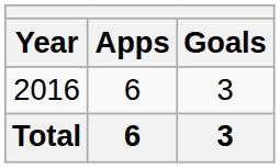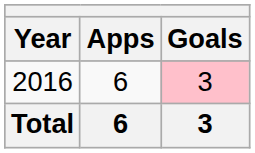 <table class="wikitable" style="text-align:center">
 <tr>
 <th colspan=3></th>
 </tr>
 <tr>
 <th>Year</th>
 <th>Apps</th>
 <th>Goals</th>
 </tr>
 <tr>
 <td>2016</td>
 <td>6</td>
-<td>3</td>
+<td style="background: pink;">3</td>
 </tr>
 <tr>
 <th>Total</th>
 <th>6</th>
 <th>3</th>
 </tr>
 </table>
